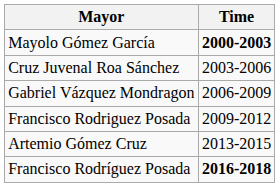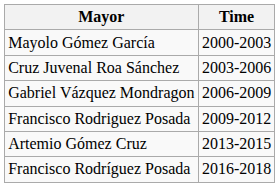 <table class="wikitable">
 <tr align=center style="background:#d8edff">
 <th>Mayor</th>
 <th>Time</th>
 </tr>
 <tr>
 <td> Mayolo Gómez García</td>
-<td><strong>2000-2003</strong></td>
+<td>2000-2003</td>
 </tr>
 <tr>
 <td> Cruz Juvenal Roa Sánchez</td>
 <td>2003-2006</td>
 </tr>
 <tr>
 <td> Gabriel Vázquez Mondragon</td>
 <td>2006-2009</td>
 </tr>
 <tr>
 <td> Francisco Rodriguez Posada</td>
 <td>2009-2012</td>
 </tr>
 <tr>
 <td> Artemio Gómez Cruz</td>
 <td>2013-2015</td>
 </tr>
 <tr>
 <td> Francisco Rodríguez Posada</td>
-<td><strong>2016-2018</strong></td>
+<td>2016-2018</td>
 </tr>
 <tr>
 </tr>
 </table>
